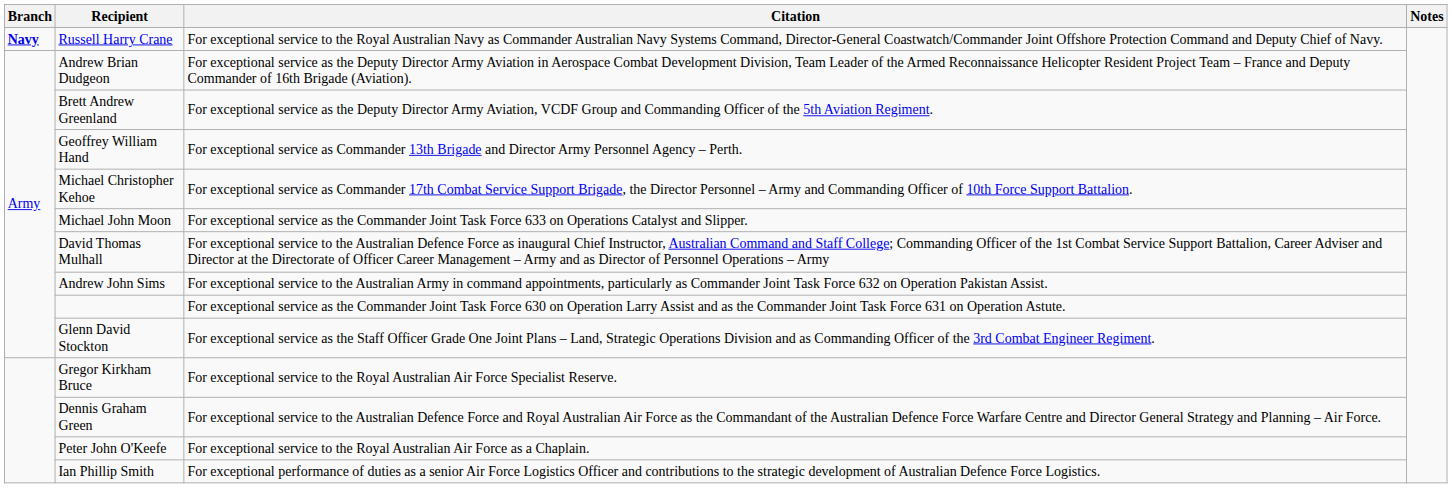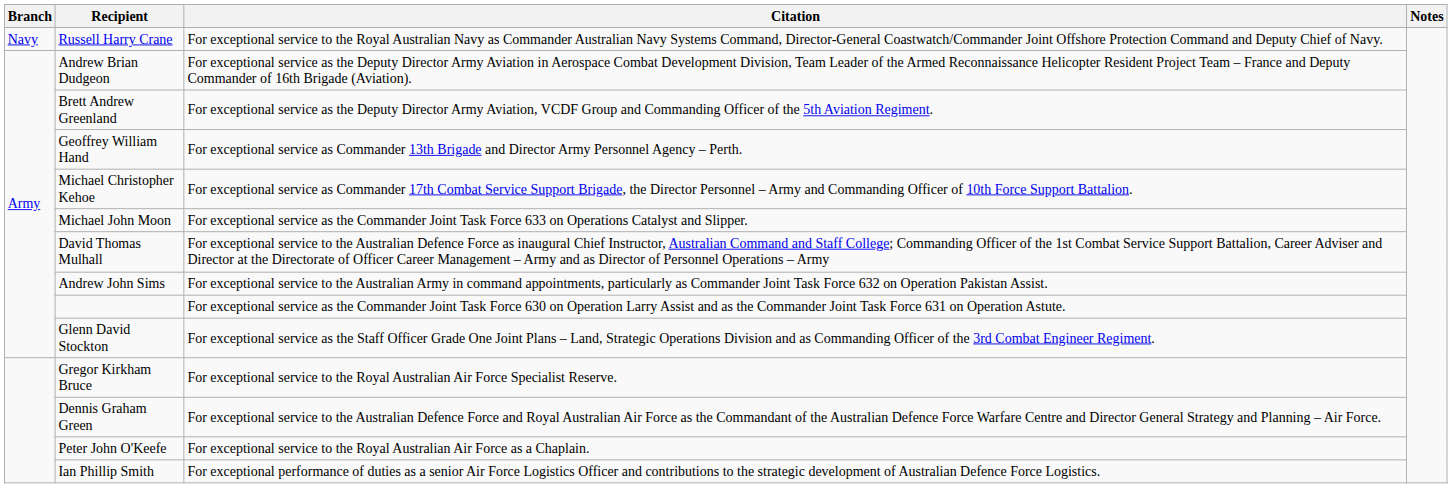 <table class="wikitable" style="font-size:95%;">
 <tr>
 <th>Branch</th>
 <th>Recipient</th>
 <th>Citation</th>
 <th>Notes</th>
 </tr>
 <tr>
-<td><strong><a href='#'>Navy</a></strong></td>
+<td><a href='#'>Navy</a></td>
 <td> <a href='#'>Russell Harry Crane</a> </td>
 <td>For exceptional service to the Royal Australian Navy as Commander Australian Navy Systems Command, Director-General Coastwatch/Commander Joint Offshore Protection Command and Deputy Chief of Navy.</td>
 <td rowspan=14></td>
 </tr>
 <tr>
 <td rowspan=9><a href='#'>Army</a></td>
 <td> Andrew Brian Dudgeon</td>
 <td>For exceptional service as the Deputy Director Army Aviation in Aerospace Combat Development Division, Team Leader of the Armed Reconnaissance Helicopter Resident Project Team – France and Deputy Commander of 16th Brigade (Aviation).</td>
 </tr>
 <tr>
 <td> Brett Andrew Greenland</td>
 <td>For exceptional service as the Deputy Director Army Aviation, VCDF Group and Commanding Officer of the <a href='#'>5th Aviation Regiment</a>.</td>
 </tr>
 <tr>
 <td> Geoffrey William Hand </td>
 <td>For exceptional service as Commander <a href='#'>13th Brigade</a> and Director Army Personnel Agency – Perth.</td>
 </tr>
 <tr>
 <td> Michael Christopher Kehoe</td>
 <td>For exceptional service as Commander <a href='#'>17th Combat Service Support Brigade</a>, the Director Personnel – Army and Commanding Officer of <a href='#'>10th Force Support Battalion</a>.</td>
 </tr>
 <tr>
 <td> Michael John Moon </td>
 <td>For exceptional service as the Commander Joint Task Force 633 on Operations Catalyst and Slipper.</td>
 </tr>
 <tr>
 <td> David Thomas Mulhall</td>
 <td>For exceptional service to the Australian Defence Force as inaugural Chief Instructor, <a href='#'>Australian Command and Staff College</a>; Commanding Officer of the 1st Combat Service Support Battalion, Career Adviser and Director at the Directorate of Officer Career Management – Army and as Director of Personnel Operations – Army</td>
 </tr>
 <tr>
 <td> Andrew John Sims </td>
 <td>For exceptional service to the Australian Army in command appointments, particularly as Commander Joint Task Force 632 on Operation Pakistan Assist.</td>
 </tr>
 <tr>
 <td></td>
 <td>For exceptional service as the Commander Joint Task Force 630 on Operation Larry Assist and as the Commander Joint Task Force 631 on Operation Astute.</td>
 </tr>
 <tr>
 <td> Glenn David Stockton</td>
 <td>For exceptional service as the Staff Officer Grade One Joint Plans – Land, Strategic Operations Division and as Commanding Officer of the <a href='#'>3rd Combat Engineer Regiment</a>.</td>
 </tr>
 <tr>
 <td rowspan=4></td>
 <td> Gregor Kirkham Bruce</td>
 <td>For exceptional service to the Royal Australian Air Force Specialist Reserve.</td>
 </tr>
 <tr>
 <td> Dennis Graham Green</td>
 <td>For exceptional service to the Australian Defence Force and Royal Australian Air Force as the Commandant of the Australian Defence Force Warfare Centre and Director General Strategy and Planning – Air Force.</td>
 </tr>
 <tr>
 <td> Peter John O'Keefe</td>
 <td>For exceptional service to the Royal Australian Air Force as a Chaplain.</td>
 </tr>
 <tr>
 <td> Ian Phillip Smith</td>
 <td>For exceptional performance of duties as a senior Air Force Logistics Officer and contributions to the strategic development of Australian Defence Force Logistics.</td>
 </tr>
 </table>
